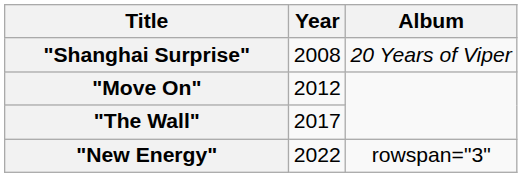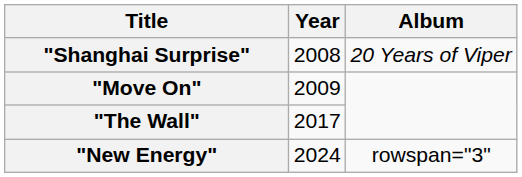 <table class="wikitable plainrowheaders" style="text-align:center;">
 <tr>
 <th scope="col" style="width:13em;">Title</th>
 <th scope="col" style="width:1em;">Year</th>
 <th scope="col">Album</th>
 </tr>
 <tr>
 <th scope="row">"Shanghai Surprise"<br></th>
 <td>2008</td>
 <td><em>20 Years of Viper</em></td>
 </tr>
 <tr>
 <th scope="row">"Move On"<br></th>
-<td>2012</td>
+<td>2009</td>
 </tr>
 <tr>
 <th scope="row">"The Wall"</th>
 <td>2017</td>
 </tr>
 <tr>
 <th scope="row">"New Energy"<br></th>
-<td>2022</td>
+<td>2024</td>
 <td>rowspan="3" </td>
 </tr>
 </table>
